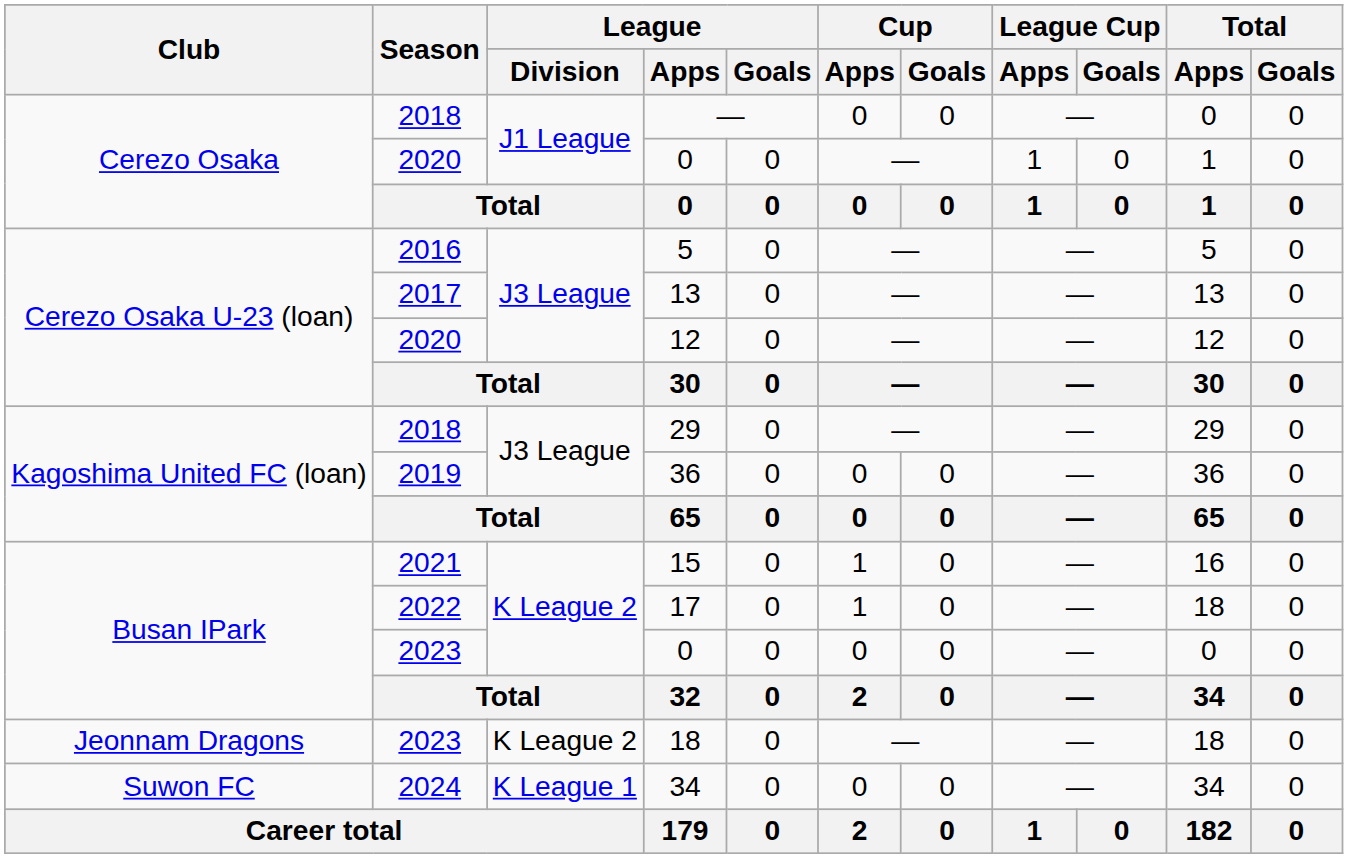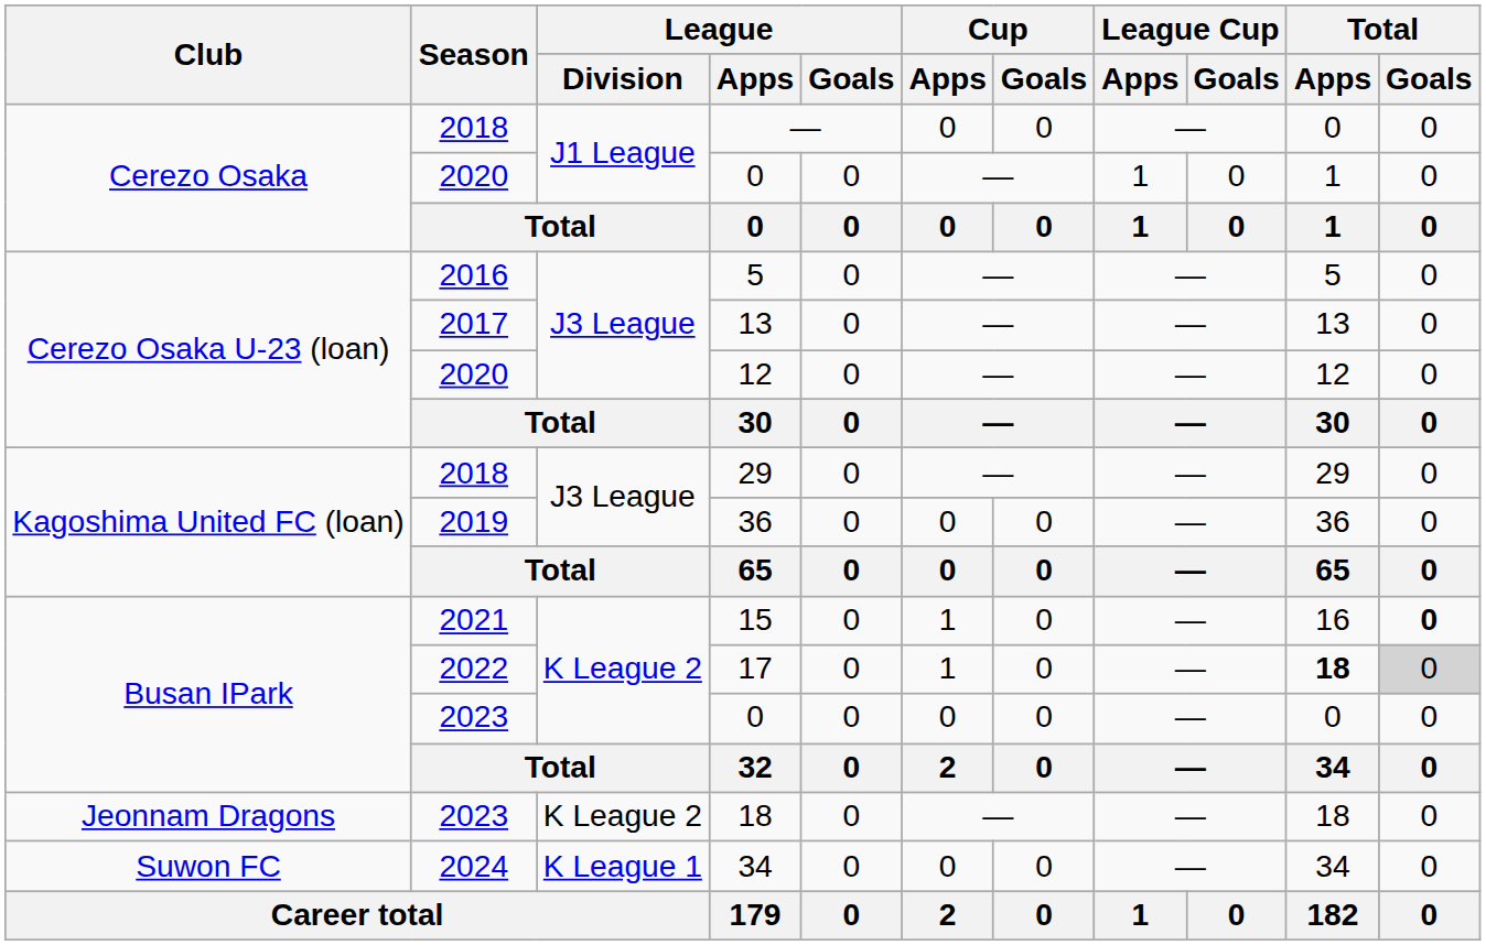 <table class="wikitable" style="text-align:center">
 <tr>
 <th rowspan=2>Club</th>
 <th rowspan=2>Season</th>
 <th colspan=3>League</th>
 <th colspan=2>Cup</th>
 <th colspan=2>League Cup</th>
 <th colspan=2>Total</th>
 </tr>
 <tr>
 <th>Division</th>
 <th>Apps</th>
 <th>Goals</th>
 <th>Apps</th>
 <th>Goals</th>
 <th>Apps</th>
 <th>Goals</th>
 <th>Apps</th>
 <th>Goals</th>
 </tr>
 <tr>
 <td rowspan="3"><a href='#'>Cerezo Osaka</a></td>
 <td><a href='#'>2018</a></td>
 <td rowspan="2"><a href='#'>J1 League</a></td>
 <td colspan="2">—</td>
 <td>0</td>
 <td>0</td>
 <td colspan="2">—</td>
 <td>0</td>
 <td>0</td>
 </tr>
 <tr>
 <td><a href='#'>2020</a></td>
 <td>0</td>
 <td>0</td>
 <td colspan="2">—</td>
 <td>1</td>
 <td>0</td>
 <td>1</td>
 <td>0</td>
 </tr>
 <tr>
 <th colspan=2>Total</th>
 <th>0</th>
 <th>0</th>
 <th>0</th>
 <th>0</th>
 <th>1</th>
 <th>0</th>
 <th>1</th>
 <th>0</th>
 </tr>
 <tr>
 <td rowspan="4"><a href='#'>Cerezo Osaka U-23</a> (loan)</td>
 <td><a href='#'>2016</a></td>
 <td rowspan="3"><a href='#'>J3 League</a></td>
 <td>5</td>
 <td>0</td>
 <td colspan="2">—</td>
 <td colspan="2">—</td>
 <td>5</td>
 <td>0</td>
 </tr>
 <tr>
 <td><a href='#'>2017</a></td>
 <td>13</td>
 <td>0</td>
 <td colspan="2">—</td>
 <td colspan="2">—</td>
 <td>13</td>
 <td>0</td>
 </tr>
 <tr>
 <td><a href='#'>2020</a></td>
 <td>12</td>
 <td>0</td>
 <td colspan="2">—</td>
 <td colspan="2">—</td>
 <td>12</td>
 <td>0</td>
 </tr>
 <tr>
 <th colspan=2>Total</th>
 <th>30</th>
 <th>0</th>
 <th colspan="2">—</th>
 <th colspan="2">—</th>
 <th>30</th>
 <th>0</th>
 </tr>
 <tr>
 <td rowspan="3"><a href='#'>Kagoshima United FC</a> (loan)</td>
 <td><a href='#'>2018</a></td>
 <td rowspan="2">J3 League</td>
 <td>29</td>
 <td>0</td>
 <td colspan="2">—</td>
 <td colspan="2">—</td>
 <td>29</td>
 <td>0</td>
 </tr>
 <tr>
 <td><a href='#'>2019</a></td>
 <td>36</td>
 <td>0</td>
 <td>0</td>
 <td>0</td>
 <td colspan="2">—</td>
 <td>36</td>
 <td>0</td>
 </tr>
 <tr>
 <th colspan=2>Total</th>
 <th>65</th>
 <th>0</th>
 <th>0</th>
 <th>0</th>
 <th colspan="2">—</th>
 <th>65</th>
 <th>0</th>
 </tr>
 <tr>
 <td rowspan="4"><a href='#'>Busan IPark</a></td>
 <td><a href='#'>2021</a></td>
 <td rowspan="3"><a href='#'>K League 2</a></td>
 <td>15</td>
 <td>0</td>
 <td>1</td>
 <td>0</td>
 <td colspan="2">—</td>
 <td>16</td>
-<td>0</td>
+<td><strong>0</strong></td>
 </tr>
 <tr>
 <td><a href='#'>2022</a></td>
 <td>17</td>
 <td>0</td>
 <td>1</td>
 <td>0</td>
 <td colspan="2">—</td>
-<td>18</td>
-<td>0</td>
+<td><strong>18</strong></td>
+<td style="background: lightgrey;">0</td>
 </tr>
 <tr>
 <td><a href='#'>2023</a></td>
 <td>0</td>
 <td>0</td>
 <td>0</td>
 <td>0</td>
 <td colspan="2">—</td>
 <td>0</td>
 <td>0</td>
 </tr>
 <tr>
 <th colspan=2>Total</th>
 <th>32</th>
 <th>0</th>
 <th>2</th>
 <th>0</th>
 <th colspan="2">—</th>
 <th>34</th>
 <th>0</th>
 </tr>
 <tr>
 <td><a href='#'>Jeonnam Dragons</a></td>
 <td><a href='#'>2023</a></td>
 <td>K League 2</td>
 <td>18</td>
 <td>0</td>
 <td colspan="2">—</td>
 <td colspan="2">—</td>
 <td>18</td>
 <td>0</td>
 </tr>
 <tr>
 <td><a href='#'>Suwon FC</a></td>
 <td><a href='#'>2024</a></td>
 <td><a href='#'>K League 1</a></td>
 <td>34</td>
 <td>0</td>
 <td>0</td>
 <td>0</td>
 <td colspan="2">—</td>
 <td>34</td>
 <td>0</td>
 </tr>
 <tr>
 <th colspan=3>Career total</th>
 <th>179</th>
 <th>0</th>
 <th>2</th>
 <th>0</th>
 <th>1</th>
 <th>0</th>
 <th>182</th>
 <th>0</th>
 </tr>
 </table>
